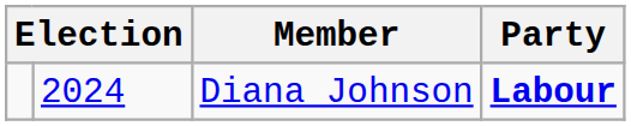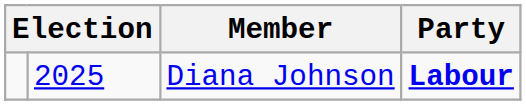 <table class="wikitable">
 <tr>
 <th colspan="2">Election</th>
 <th>Member</th>
 <th>Party</th>
 </tr>
 <tr>
 <td style="color:inherit;background-color: "></td>
-<td><a href='#'>2024</a></td>
+<td><a href='#'>2025</a></td>
 <td><a href='#'>Diana Johnson</a></td>
 <td><strong><a href='#'>Labour</a></strong></td>
 </tr>
 </table>
